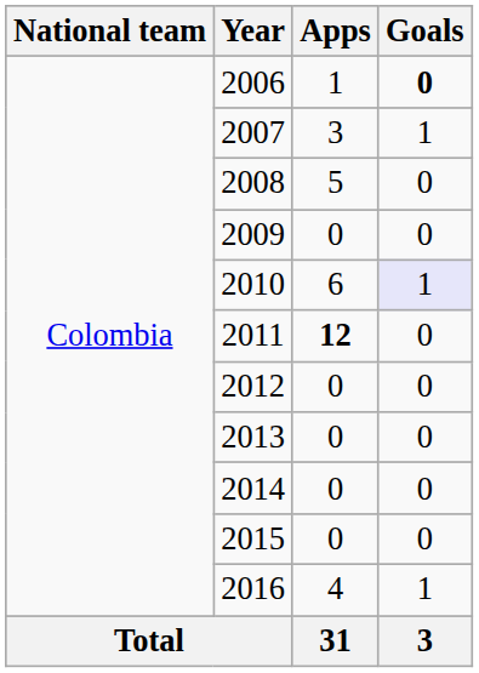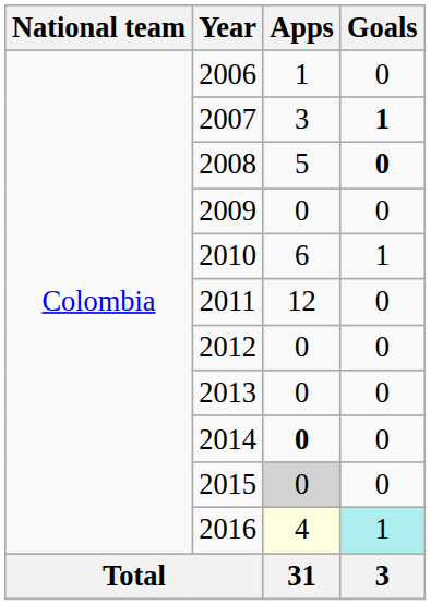 <table class="wikitable" style="text-align:center">
 <tr>
 <th>National team</th>
 <th>Year</th>
 <th>Apps</th>
 <th>Goals</th>
 </tr>
 <tr>
 <td rowspan="11"><a href='#'>Colombia</a></td>
 <td>2006</td>
 <td>1</td>
-<td><strong>0</strong></td>
+<td>0</td>
 </tr>
 <tr>
 <td>2007</td>
 <td>3</td>
-<td>1</td>
+<td><strong>1</strong></td>
 </tr>
 <tr>
 <td>2008</td>
 <td>5</td>
-<td>0</td>
+<td><strong>0</strong></td>
 </tr>
 <tr>
 <td>2009</td>
 <td>0</td>
 <td>0</td>
 </tr>
 <tr>
 <td>2010</td>
 <td>6</td>
-<td style="background: lavender;">1</td>
+<td>1</td>
 </tr>
 <tr>
 <td>2011</td>
-<td><strong>12</strong></td>
+<td>12</td>
 <td>0</td>
 </tr>
 <tr>
 <td>2012</td>
 <td>0</td>
 <td>0</td>
 </tr>
 <tr>
 <td>2013</td>
 <td>0</td>
 <td>0</td>
 </tr>
 <tr>
 <td>2014</td>
-<td>0</td>
+<td><strong>0</strong></td>
 <td>0</td>
 </tr>
 <tr>
 <td>2015</td>
-<td>0</td>
+<td style="background: lightgrey;">0</td>
 <td>0</td>
 </tr>
 <tr>
 <td>2016</td>
-<td>4</td>
-<td>1</td>
+<td style="background: lightyellow;">4</td>
+<td style="background: paleturquoise;">1</td>
 </tr>
 <tr>
 <th colspan="2">Total</th>
 <th>31</th>
 <th>3</th>
 </tr>
 </table>
